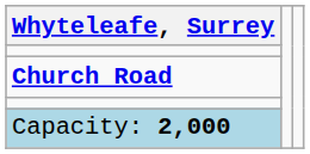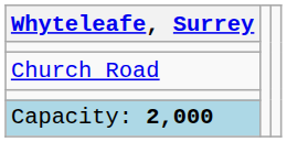 <table class="wikitable" style="margin-left: auto; margin-right: auto; border: none;">
 <tr>
 <th><a href='#'>Whyteleafe</a>, <a href='#'>Surrey</a></th>
 <td rowspan="5"><br></td>
 <td rowspan="5"></td>
 </tr>
 <tr>
 <td align="center"></td>
 </tr>
 <tr>
-<td><strong><a href='#'>Church Road</a></strong></td>
+<td><a href='#'>Church Road</a></td>
 </tr>
 <tr>
 <td><small></small></td>
 </tr>
 <tr>
 <td style="background: lightblue;">Capacity: <strong>2,000</strong></td>
 </tr>
 </table>
